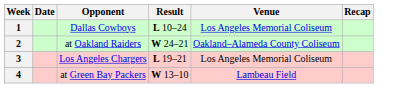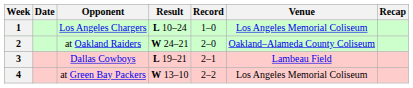 <table class="wikitable" style="text-align:center">
 <tr>
 <th>Week</th>
 <th>Date</th>
 <th>Opponent</th>
 <th>Result</th>
+<th>Record</th>
 <th>Venue</th>
 <th>Recap</th>
 </tr>
 <tr style="background:#cfc">
 <th>1</th>
 <td></td>
-<td><a href='#'>Dallas Cowboys</a></td>
+<td><a href='#'>Los Angeles Chargers</a></td>
 <td><strong>L</strong> 10–24</td>
+<td>1–0</td>
 <td><a href='#'>Los Angeles Memorial Coliseum</a></td>
 <td></td>
 </tr>
 <tr style="background:#cfc">
 <th>2</th>
 <td></td>
 <td>at <a href='#'>Oakland Raiders</a></td>
 <td><strong>W</strong> 24–21</td>
+<td>2–0</td>
 <td><a href='#'>Oakland–Alameda County Coliseum</a></td>
 <td></td>
 </tr>
 <tr style="background:#fcc">
 <th>3</th>
 <td></td>
-<td><a href='#'>Los Angeles Chargers</a></td>
+<td><a href='#'>Dallas Cowboys</a></td>
 <td><strong>L</strong> 19–21</td>
-<td>Los Angeles Memorial Coliseum</td>
+<td>2–1</td>
+<td><a href='#'>Lambeau Field</a></td>
 <td></td>
 </tr>
 <tr style="background:#fcc">
 <th>4</th>
 <td></td>
 <td>at <a href='#'>Green Bay Packers</a></td>
 <td><strong>W</strong> 13–10</td>
-<td><a href='#'>Lambeau Field</a></td>
+<td>2–2</td>
+<td>Los Angeles Memorial Coliseum</td>
 <td></td>
 </tr>
 </table>
